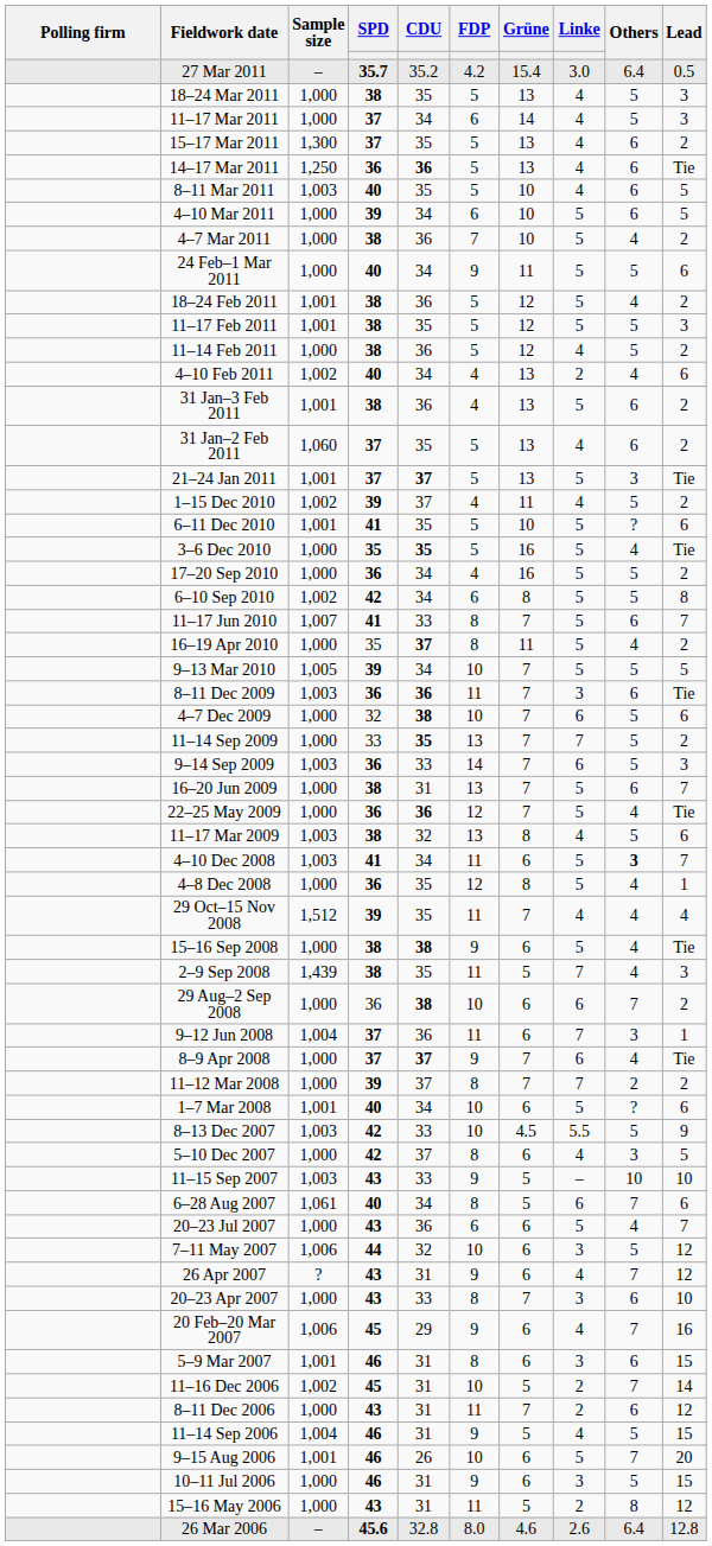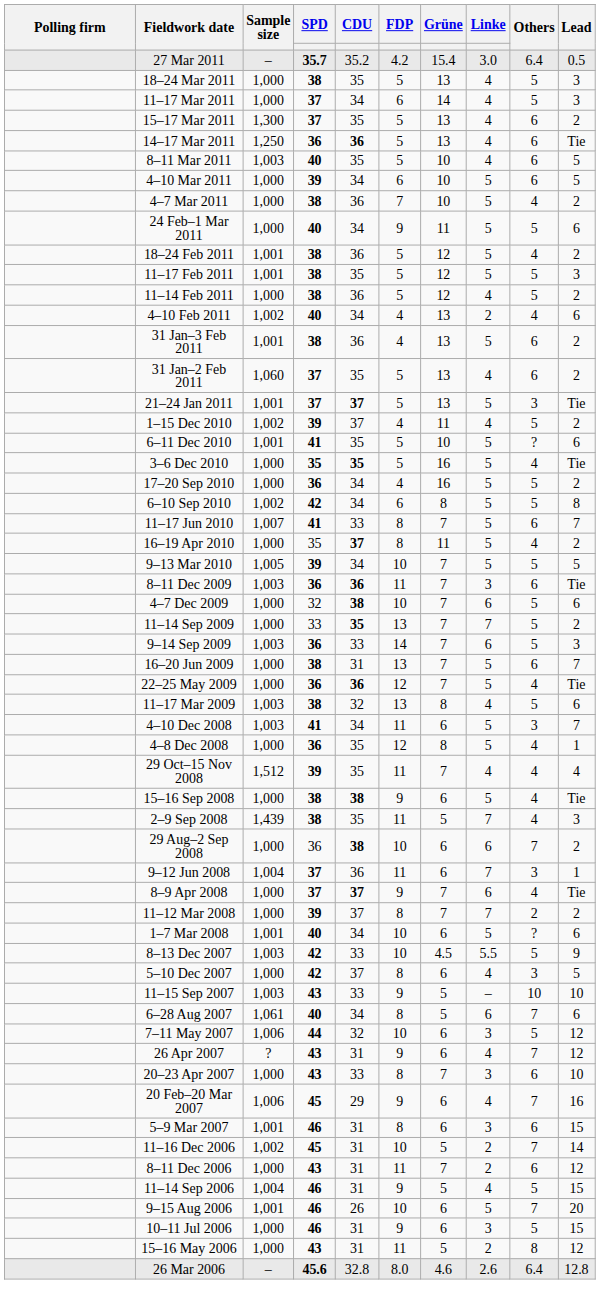 <table class="wikitable sortable" style="text-align:center;font-size:90%;line-height:14px;">
 <tr style="height:40px;">
 <th style="width:160px;" rowspan="2">Polling firm</th>
 <th style="width:120px;" rowspan="2">Fieldwork date</th>
 <th style="width:35px;" rowspan="2">Sample<br>size</th>
 <th class="unsortable" style="width:40px;"><a href='#'>SPD</a></th>
 <th class="unsortable" style="width:40px;"><a href='#'>CDU</a></th>
 <th class="unsortable" style="width:40px;"><a href='#'>FDP</a></th>
 <th class="unsortable" style="width:40px;"><a href='#'>Grüne</a></th>
 <th class="unsortable" style="width:40px;"><a href='#'>Linke</a></th>
 <th class="unsortable" style="width:40px;" rowspan="2">Others</th>
 <th style="width:30px;" rowspan="2">Lead</th>
 </tr>
 <tr>
 <th style="background:"></th>
 <th style="background:"></th>
 <th style="background:"></th>
 <th style="background:"></th>
 <th style="background:"></th>
 </tr>
 <tr style="background:#E9E9E9;">
 <td></td>
 <td data-sort-value="2011-03-27">27 Mar 2011</td>
 <td>–</td>
 <td><strong>35.7</strong></td>
 <td>35.2</td>
 <td>4.2</td>
 <td>15.4</td>
 <td>3.0</td>
 <td>6.4</td>
 <td style="background:">0.5</td>
 </tr>
 <tr>
 <td></td>
 <td data-sort-value="2011-03-25">18–24 Mar 2011</td>
 <td>1,000</td>
 <td><strong>38</strong></td>
 <td>35</td>
 <td>5</td>
 <td>13</td>
 <td>4</td>
 <td>5</td>
 <td style="background:">3</td>
 </tr>
 <tr>
 <td></td>
 <td data-sort-value="2011-03-20">11–17 Mar 2011</td>
 <td>1,000</td>
 <td><strong>37</strong></td>
 <td>34</td>
 <td>6</td>
 <td>14</td>
 <td>4</td>
 <td>5</td>
 <td style="background:">3</td>
 </tr>
 <tr>
 <td></td>
 <td data-sort-value="2011-03-18">15–17 Mar 2011</td>
 <td>1,300</td>
 <td><strong>37</strong></td>
 <td>35</td>
 <td>5</td>
 <td>13</td>
 <td>4</td>
 <td>6</td>
 <td style="background:">2</td>
 </tr>
 <tr>
 <td></td>
 <td data-sort-value="2011-03-17">14–17 Mar 2011</td>
 <td>1,250</td>
 <td><strong>36</strong></td>
 <td><strong>36</strong></td>
 <td>5</td>
 <td>13</td>
 <td>4</td>
 <td>6</td>
 <td data-sort-value="0">Tie</td>
 </tr>
 <tr>
 <td></td>
 <td data-sort-value="2011-03-15">8–11 Mar 2011</td>
 <td>1,003</td>
 <td><strong>40</strong></td>
 <td>35</td>
 <td>5</td>
 <td>10</td>
 <td>4</td>
 <td>6</td>
 <td style="background:">5</td>
 </tr>
 <tr>
 <td></td>
 <td data-sort-value="2011-03-12">4–10 Mar 2011</td>
 <td>1,000</td>
 <td><strong>39</strong></td>
 <td>34</td>
 <td>6</td>
 <td>10</td>
 <td>5</td>
 <td>6</td>
 <td style="background:">5</td>
 </tr>
 <tr>
 <td></td>
 <td data-sort-value="2011-03-10">4–7 Mar 2011</td>
 <td>1,000</td>
 <td><strong>38</strong></td>
 <td>36</td>
 <td>7</td>
 <td>10</td>
 <td>5</td>
 <td>4</td>
 <td style="background:">2</td>
 </tr>
 <tr>
 <td></td>
 <td data-sort-value="2011-03-04">24 Feb–1 Mar 2011</td>
 <td>1,000</td>
 <td><strong>40</strong></td>
 <td>34</td>
 <td>9</td>
 <td>11</td>
 <td>5</td>
 <td>5</td>
 <td style="background:">6</td>
 </tr>
 <tr>
 <td></td>
 <td data-sort-value="2011-02-27">18–24 Feb 2011</td>
 <td>1,001</td>
 <td><strong>38</strong></td>
 <td>36</td>
 <td>5</td>
 <td>12</td>
 <td>5</td>
 <td>4</td>
 <td style="background:">2</td>
 </tr>
 <tr>
 <td></td>
 <td data-sort-value="2011-02-20">11–17 Feb 2011</td>
 <td>1,001</td>
 <td><strong>38</strong></td>
 <td>35</td>
 <td>5</td>
 <td>12</td>
 <td>5</td>
 <td>5</td>
 <td style="background:">3</td>
 </tr>
 <tr>
 <td></td>
 <td data-sort-value="2011-02-17">11–14 Feb 2011</td>
 <td>1,000</td>
 <td><strong>38</strong></td>
 <td>36</td>
 <td>5</td>
 <td>12</td>
 <td>4</td>
 <td>5</td>
 <td style="background:">2</td>
 </tr>
 <tr>
 <td></td>
 <td data-sort-value="2011-02-13">4–10 Feb 2011</td>
 <td>1,002</td>
 <td><strong>40</strong></td>
 <td>34</td>
 <td>4</td>
 <td>13</td>
 <td>2</td>
 <td>4</td>
 <td style="background:">6</td>
 </tr>
 <tr>
 <td></td>
 <td data-sort-value="2011-02-06">31 Jan–3 Feb 2011</td>
 <td>1,001</td>
 <td><strong>38</strong></td>
 <td>36</td>
 <td>4</td>
 <td>13</td>
 <td>5</td>
 <td>6</td>
 <td style="background:">2</td>
 </tr>
 <tr>
 <td></td>
 <td data-sort-value="2011-02-04">31 Jan–2 Feb 2011</td>
 <td>1,060</td>
 <td><strong>37</strong></td>
 <td>35</td>
 <td>5</td>
 <td>13</td>
 <td>4</td>
 <td>6</td>
 <td style="background:">2</td>
 </tr>
 <tr>
 <td></td>
 <td data-sort-value="2011-01-27">21–24 Jan 2011</td>
 <td>1,001</td>
 <td><strong>37</strong></td>
 <td><strong>37</strong></td>
 <td>5</td>
 <td>13</td>
 <td>5</td>
 <td>3</td>
 <td data-sort-value="0">Tie</td>
 </tr>
 <tr>
 <td></td>
 <td data-sort-value="2010-12-19">1–15 Dec 2010</td>
 <td>1,002</td>
 <td><strong>39</strong></td>
 <td>37</td>
 <td>4</td>
 <td>11</td>
 <td>4</td>
 <td>5</td>
 <td style="background:">2</td>
 </tr>
 <tr>
 <td></td>
 <td data-sort-value="2010-12-14">6–11 Dec 2010</td>
 <td>1,001</td>
 <td><strong>41</strong></td>
 <td>35</td>
 <td>5</td>
 <td>10</td>
 <td>5</td>
 <td>?</td>
 <td style="background:">6</td>
 </tr>
 <tr>
 <td></td>
 <td data-sort-value="2010-12-09">3–6 Dec 2010</td>
 <td>1,000</td>
 <td><strong>35</strong></td>
 <td><strong>35</strong></td>
 <td>5</td>
 <td>16</td>
 <td>5</td>
 <td>4</td>
 <td data-sort-value="0">Tie</td>
 </tr>
 <tr>
 <td></td>
 <td data-sort-value="2010-09-23">17–20 Sep 2010</td>
 <td>1,000</td>
 <td><strong>36</strong></td>
 <td>34</td>
 <td>4</td>
 <td>16</td>
 <td>5</td>
 <td>5</td>
 <td style="background:">2</td>
 </tr>
 <tr>
 <td></td>
 <td data-sort-value="2010-09-16">6–10 Sep 2010</td>
 <td>1,002</td>
 <td><strong>42</strong></td>
 <td>34</td>
 <td>6</td>
 <td>8</td>
 <td>5</td>
 <td>5</td>
 <td style="background:">8</td>
 </tr>
 <tr>
 <td></td>
 <td data-sort-value="2010-06-22">11–17 Jun 2010</td>
 <td>1,007</td>
 <td><strong>41</strong></td>
 <td>33</td>
 <td>8</td>
 <td>7</td>
 <td>5</td>
 <td>6</td>
 <td style="background:">7</td>
 </tr>
 <tr>
 <td></td>
 <td data-sort-value="2010-04-22">16–19 Apr 2010</td>
 <td>1,000</td>
 <td>35</td>
 <td><strong>37</strong></td>
 <td>8</td>
 <td>11</td>
 <td>5</td>
 <td>4</td>
 <td style="background:">2</td>
 </tr>
 <tr>
 <td></td>
 <td data-sort-value="2010-03-18">9–13 Mar 2010</td>
 <td>1,005</td>
 <td><strong>39</strong></td>
 <td>34</td>
 <td>10</td>
 <td>7</td>
 <td>5</td>
 <td>5</td>
 <td style="background:">5</td>
 </tr>
 <tr>
 <td></td>
 <td data-sort-value="2009-12-17">8–11 Dec 2009</td>
 <td>1,003</td>
 <td><strong>36</strong></td>
 <td><strong>36</strong></td>
 <td>11</td>
 <td>7</td>
 <td>3</td>
 <td>6</td>
 <td data-sort-value="0">Tie</td>
 </tr>
 <tr>
 <td></td>
 <td data-sort-value="2009-12-10">4–7 Dec 2009</td>
 <td>1,000</td>
 <td>32</td>
 <td><strong>38</strong></td>
 <td>10</td>
 <td>7</td>
 <td>6</td>
 <td>5</td>
 <td style="background:">6</td>
 </tr>
 <tr>
 <td></td>
 <td data-sort-value="2009-09-17">11–14 Sep 2009</td>
 <td>1,000</td>
 <td>33</td>
 <td><strong>35</strong></td>
 <td>13</td>
 <td>7</td>
 <td>7</td>
 <td>5</td>
 <td style="background:">2</td>
 </tr>
 <tr>
 <td></td>
 <td data-sort-value="2009-09-16">9–14 Sep 2009</td>
 <td>1,003</td>
 <td><strong>36</strong></td>
 <td>33</td>
 <td>14</td>
 <td>7</td>
 <td>6</td>
 <td>5</td>
 <td style="background:">3</td>
 </tr>
 <tr>
 <td></td>
 <td data-sort-value="2009-06-24">16–20 Jun 2009</td>
 <td>1,000</td>
 <td><strong>38</strong></td>
 <td>31</td>
 <td>13</td>
 <td>7</td>
 <td>5</td>
 <td>6</td>
 <td style="background:">7</td>
 </tr>
 <tr>
 <td></td>
 <td data-sort-value="2009-05-28">22–25 May 2009</td>
 <td>1,000</td>
 <td><strong>36</strong></td>
 <td><strong>36</strong></td>
 <td>12</td>
 <td>7</td>
 <td>5</td>
 <td>4</td>
 <td data-sort-value="0">Tie</td>
 </tr>
 <tr>
 <td></td>
 <td data-sort-value="2009-03-20">11–17 Mar 2009</td>
 <td>1,003</td>
 <td><strong>38</strong></td>
 <td>32</td>
 <td>13</td>
 <td>8</td>
 <td>4</td>
 <td>5</td>
 <td style="background:">6</td>
 </tr>
 <tr>
 <td></td>
 <td data-sort-value="2008-12-17">4–10 Dec 2008</td>
 <td>1,003</td>
 <td><strong>41</strong></td>
 <td>34</td>
 <td>11</td>
 <td>6</td>
 <td>5</td>
-<td><strong>3</strong></td>
+<td>3</td>
 <td style="background:">7</td>
 </tr>
 <tr>
 <td></td>
 <td data-sort-value="2008-12-11">4–8 Dec 2008</td>
 <td>1,000</td>
 <td><strong>36</strong></td>
 <td>35</td>
 <td>12</td>
 <td>8</td>
 <td>5</td>
 <td>4</td>
 <td style="background:">1</td>
 </tr>
 <tr>
 <td></td>
 <td data-sort-value="2008-11-24">29 Oct–15 Nov 2008</td>
 <td>1,512</td>
 <td><strong>39</strong></td>
 <td>35</td>
 <td>11</td>
 <td>7</td>
 <td>4</td>
 <td>4</td>
 <td style="background:">4</td>
 </tr>
 <tr>
 <td></td>
 <td data-sort-value="2008-09-18">15–16 Sep 2008</td>
 <td>1,000</td>
 <td><strong>38</strong></td>
 <td><strong>38</strong></td>
 <td>9</td>
 <td>6</td>
 <td>5</td>
 <td>4</td>
 <td data-sort-value="0">Tie</td>
 </tr>
 <tr>
 <td></td>
 <td data-sort-value="2008-09-10">2–9 Sep 2008</td>
 <td>1,439</td>
 <td><strong>38</strong></td>
 <td>35</td>
 <td>11</td>
 <td>5</td>
 <td>7</td>
 <td>4</td>
 <td style="background:">3</td>
 </tr>
 <tr>
 <td></td>
 <td data-sort-value="2008-09-04">29 Aug–2 Sep 2008</td>
 <td>1,000</td>
 <td>36</td>
 <td><strong>38</strong></td>
 <td>10</td>
 <td>6</td>
 <td>6</td>
 <td>7</td>
 <td style="background:">2</td>
 </tr>
 <tr>
 <td></td>
 <td data-sort-value="2008-06-19">9–12 Jun 2008</td>
 <td>1,004</td>
 <td><strong>37</strong></td>
 <td>36</td>
 <td>11</td>
 <td>6</td>
 <td>7</td>
 <td>3</td>
 <td style="background:">1</td>
 </tr>
 <tr>
 <td></td>
 <td data-sort-value="2008-04-10">8–9 Apr 2008</td>
 <td>1,000</td>
 <td><strong>37</strong></td>
 <td><strong>37</strong></td>
 <td>9</td>
 <td>7</td>
 <td>6</td>
 <td>4</td>
 <td data-sort-value="0">Tie</td>
 </tr>
 <tr>
 <td></td>
 <td data-sort-value="2008-03-13">11–12 Mar 2008</td>
 <td>1,000</td>
 <td><strong>39</strong></td>
 <td>37</td>
 <td>8</td>
 <td>7</td>
 <td>7</td>
 <td>2</td>
 <td style="background:">2</td>
 </tr>
 <tr>
 <td></td>
 <td data-sort-value="2008-03-13">1–7 Mar 2008</td>
 <td>1,001</td>
 <td><strong>40</strong></td>
 <td>34</td>
 <td>10</td>
 <td>6</td>
 <td>5</td>
 <td>?</td>
 <td style="background:">6</td>
 </tr>
 <tr>
 <td></td>
 <td data-sort-value="2007-12-18">8–13 Dec 2007</td>
 <td>1,003</td>
 <td><strong>42</strong></td>
 <td>33</td>
 <td>10</td>
 <td>4.5</td>
 <td>5.5</td>
 <td>5</td>
 <td style="background:">9</td>
 </tr>
 <tr>
 <td></td>
 <td data-sort-value="2007-12-13">5–10 Dec 2007</td>
 <td>1,000</td>
 <td><strong>42</strong></td>
 <td>37</td>
 <td>8</td>
 <td>6</td>
 <td>4</td>
 <td>3</td>
 <td style="background:">5</td>
 </tr>
 <tr>
 <td></td>
 <td data-sort-value="2007-09-20">11–15 Sep 2007</td>
 <td>1,003</td>
 <td><strong>43</strong></td>
 <td>33</td>
 <td>9</td>
 <td>5</td>
 <td>–</td>
 <td>10</td>
 <td style="background:">10</td>
 </tr>
 <tr>
 <td></td>
 <td data-sort-value="2007-08-30">6–28 Aug 2007</td>
 <td>1,061</td>
 <td><strong>40</strong></td>
 <td>34</td>
 <td>8</td>
 <td>5</td>
 <td>6</td>
 <td>7</td>
 <td style="background:">6</td>
 </tr>
 <tr>
 <td></td>
-<td data-sort-value="2007-07-26">20–23 Jul 2007</td>
-<td>1,000</td>
-<td><strong>43</strong></td>
-<td>36</td>
-<td>6</td>
-<td>6</td>
-<td>5</td>
-<td>4</td>
-<td style="background:">7</td>
-</tr>
-<tr>
-<td></td>
 <td data-sort-value="2007-05-18">7–11 May 2007</td>
 <td>1,006</td>
 <td><strong>44</strong></td>
 <td>32</td>
 <td>10</td>
 <td>6</td>
 <td>3</td>
 <td>5</td>
 <td style="background:">12</td>
 </tr>
 <tr>
 <td></td>
 <td data-sort-value="2007-04-26">26 Apr 2007</td>
 <td>?</td>
 <td><strong>43</strong></td>
 <td>31</td>
 <td>9</td>
 <td>6</td>
 <td>4</td>
 <td>7</td>
 <td style="background:">12</td>
 </tr>
 <tr>
 <td></td>
 <td data-sort-value="2007-04-26">20–23 Apr 2007</td>
 <td>1,000</td>
 <td><strong>43</strong></td>
 <td>33</td>
 <td>8</td>
 <td>7</td>
 <td>3</td>
 <td>6</td>
 <td style="background:">10</td>
 </tr>
 <tr>
 <td></td>
 <td data-sort-value="2007-03-22">20 Feb–20 Mar 2007</td>
 <td>1,006</td>
 <td><strong>45</strong></td>
 <td>29</td>
 <td>9</td>
 <td>6</td>
 <td>4</td>
 <td>7</td>
 <td style="background:">16</td>
 </tr>
 <tr>
 <td></td>
 <td data-sort-value="2007-03-13">5–9 Mar 2007</td>
 <td>1,001</td>
 <td><strong>46</strong></td>
 <td>31</td>
 <td>8</td>
 <td>6</td>
 <td>3</td>
 <td>6</td>
 <td style="background:">15</td>
 </tr>
 <tr>
 <td></td>
 <td data-sort-value="2006-12-20">11–16 Dec 2006</td>
 <td>1,002</td>
 <td><strong>45</strong></td>
 <td>31</td>
 <td>10</td>
 <td>5</td>
 <td>2</td>
 <td>7</td>
 <td style="background:">14</td>
 </tr>
 <tr>
 <td></td>
 <td data-sort-value="2006-12-14">8–11 Dec 2006</td>
 <td>1,000</td>
 <td><strong>43</strong></td>
 <td>31</td>
 <td>11</td>
 <td>7</td>
 <td>2</td>
 <td>6</td>
 <td style="background:">12</td>
 </tr>
 <tr>
 <td></td>
 <td data-sort-value="2006-09-20">11–14 Sep 2006</td>
 <td>1,004</td>
 <td><strong>46</strong></td>
 <td>31</td>
 <td>9</td>
 <td>5</td>
 <td>4</td>
 <td>5</td>
 <td style="background:">15</td>
 </tr>
 <tr>
 <td></td>
 <td data-sort-value="2006-08-17">9–15 Aug 2006</td>
 <td>1,001</td>
 <td><strong>46</strong></td>
 <td>26</td>
 <td>10</td>
 <td>6</td>
 <td>5</td>
 <td>7</td>
 <td style="background:">20</td>
 </tr>
 <tr>
 <td></td>
 <td data-sort-value="2006-07-13">10–11 Jul 2006</td>
 <td>1,000</td>
 <td><strong>46</strong></td>
 <td>31</td>
 <td>9</td>
 <td>6</td>
 <td>3</td>
 <td>5</td>
 <td style="background:">15</td>
 </tr>
 <tr>
 <td></td>
 <td data-sort-value="2006-05-18">15–16 May 2006</td>
 <td>1,000</td>
 <td><strong>43</strong></td>
 <td>31</td>
 <td>11</td>
 <td>5</td>
 <td>2</td>
 <td>8</td>
 <td style="background:">12</td>
 </tr>
 <tr style="background:#E9E9E9;">
 <td></td>
 <td data-sort-value="2006-03-26">26 Mar 2006</td>
 <td>–</td>
 <td><strong>45.6</strong></td>
 <td>32.8</td>
 <td>8.0</td>
 <td>4.6</td>
 <td>2.6</td>
 <td>6.4</td>
 <td style="background:">12.8</td>
 </tr>
 </table>
